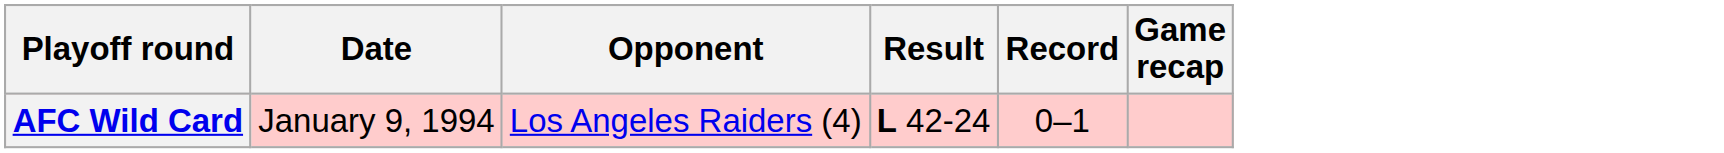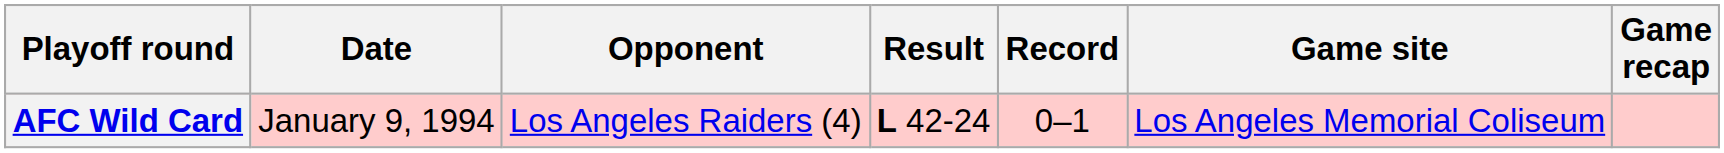 <table class="wikitable" style="text-align:center">
 <tr>
 <th>Playoff round</th>
 <th>Date</th>
 <th>Opponent</th>
 <th>Result</th>
 <th>Record</th>
+<th>Game site</th>
 <th>Game<br>recap</th>
 </tr>
 <tr style="background:#fcc">
 <th><a href='#'>AFC Wild Card</a></th>
 <td>January 9, 1994</td>
 <td><a href='#'>Los Angeles Raiders</a> (4)</td>
 <td><strong>L</strong> 42-24</td>
 <td>0–1</td>
+<td><a href='#'>Los Angeles Memorial Coliseum</a></td>
 <td></td>
 </tr>
 </table>
